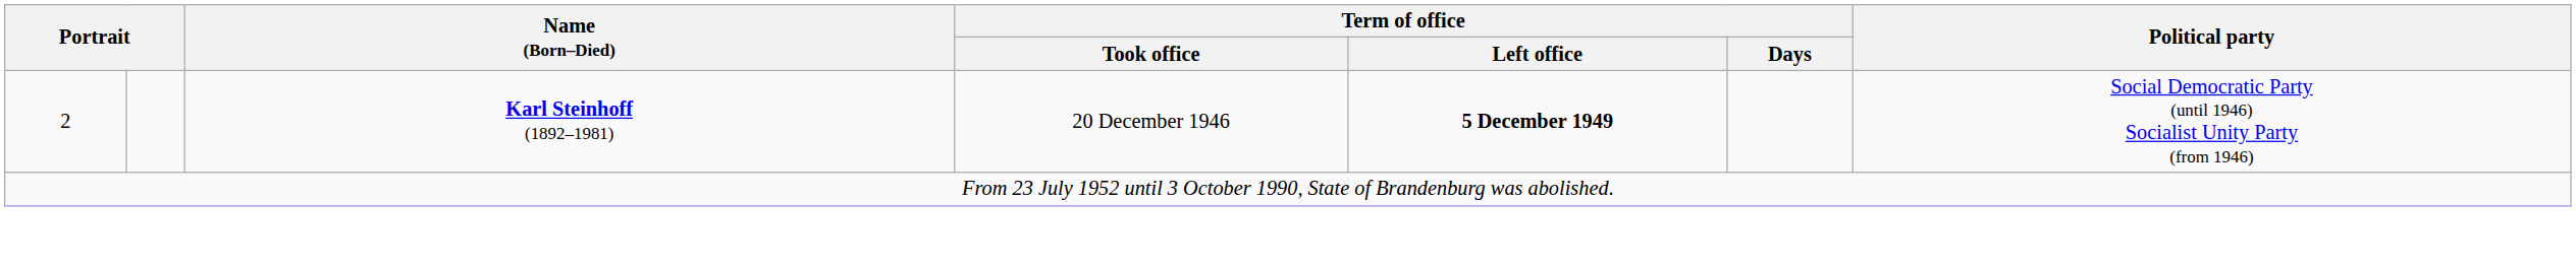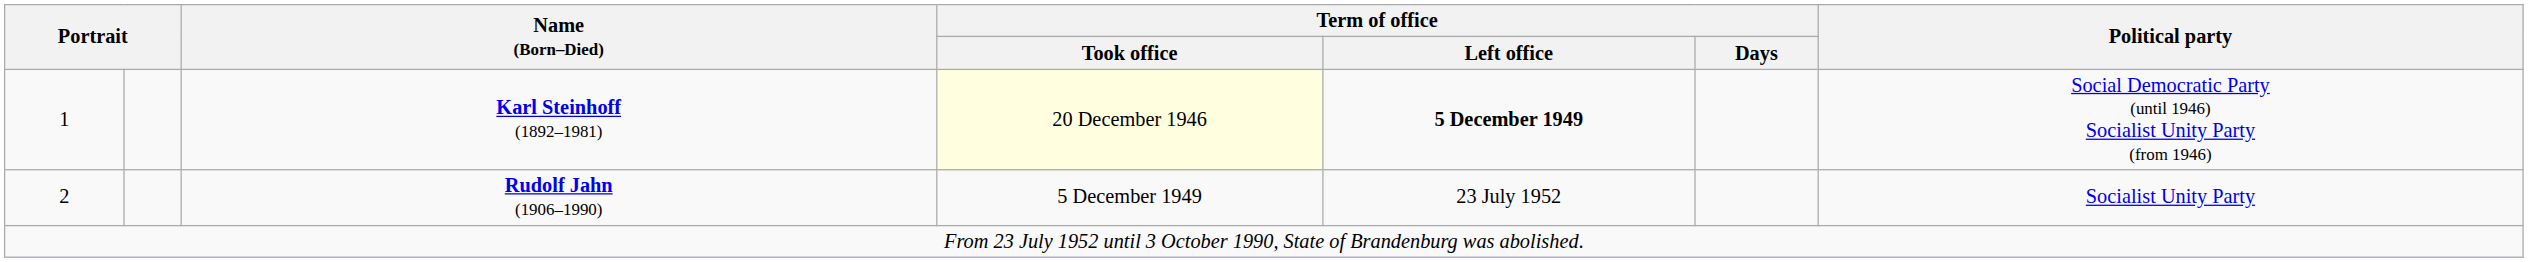 <table class="wikitable" style="text-align:center; width:100%; border:1px #AAAAFF solid">
 <tr>
 <th width=80px rowspan=2 colspan=2>Portrait</th>
 <th width=30% rowspan=2>Name<br><small>(Born–Died)</small></th>
 <th width=35% colspan=3>Term of office</th>
 <th width=28% rowspan=2>Political party</th>
 </tr>
 <tr>
 <th>Took office</th>
 <th>Left office</th>
 <th>Days</th>
 </tr>
 <tr>
-<td style="background:">2</td>
+<td style="background:">1</td>
 <td></td>
 <td><strong><a href='#'>Karl Steinhoff</a></strong><br><small>(1892–1981)</small></td>
-<td>20 December 1946</td>
+<td style="background: lightyellow;">20 December 1946</td>
 <td><strong>5 December 1949</strong></td>
 <td></td>
 <td><a href='#'>Social Democratic Party</a><br><small>(until 1946)</small><br><a href='#'>Socialist Unity Party</a><br><small>(from 1946)</small></td>
+</tr>
+<tr>
+<td style="background:">2</td>
+<td></td>
+<td><strong><a href='#'>Rudolf Jahn</a></strong><br><small>(1906–1990)</small></td>
+<td>5 December 1949</td>
+<td>23 July 1952</td>
+<td></td>
+<td><a href='#'>Socialist Unity Party</a></td>
 </tr>
 <tr>
 <td colspan="7"><em>From 23 July 1952 until 3 October 1990, State of Brandenburg was abolished</em>.</td>
 </tr>
 <tr>
 </tr>
 </table>
